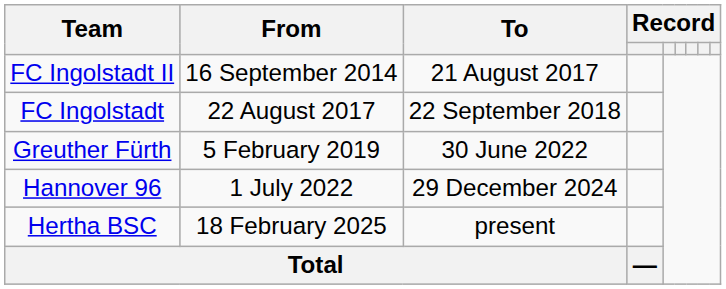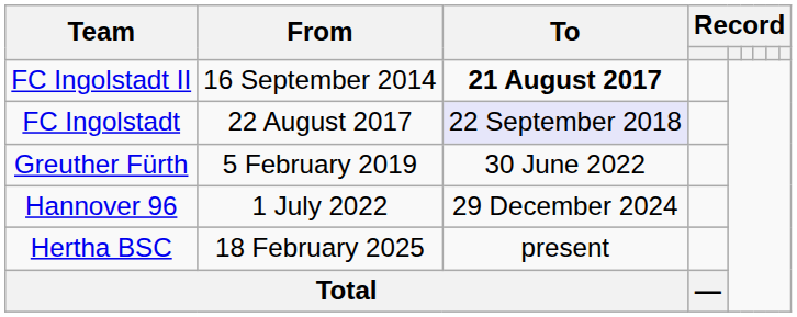 <table class="wikitable" style="text-align: center">
 <tr>
 <th rowspan="2">Team</th>
 <th rowspan="2">From</th>
 <th rowspan="2">To</th>
 <th colspan="6">Record</th>
 </tr>
 <tr>
 <th></th>
 <th></th>
 <th></th>
 <th></th>
 <th></th>
 <th></th>
 </tr>
 <tr>
 <td><a href='#'>FC Ingolstadt II</a></td>
 <td>16 September 2014</td>
-<td>21 August 2017<br></td>
+<td><strong>21 August 2017<br></strong></td>
 <td></td>
 </tr>
 <tr>
 <td><a href='#'>FC Ingolstadt</a></td>
 <td>22 August 2017</td>
-<td>22 September 2018<br></td>
+<td style="background: lavender;">22 September 2018<br></td>
 <td></td>
 </tr>
 <tr>
 <td><a href='#'>Greuther Fürth</a></td>
 <td>5 February 2019</td>
 <td>30 June 2022<br></td>
 <td></td>
 </tr>
 <tr>
 <td><a href='#'>Hannover 96</a></td>
 <td>1 July 2022</td>
 <td>29 December 2024<br></td>
 <td></td>
 </tr>
 <tr>
 <td><a href='#'>Hertha BSC</a></td>
 <td>18 February 2025</td>
 <td>present<br></td>
 <td></td>
 </tr>
 <tr>
 <th colspan="3">Total<br></th>
 <th>—</th>
 </tr>
 </table>
